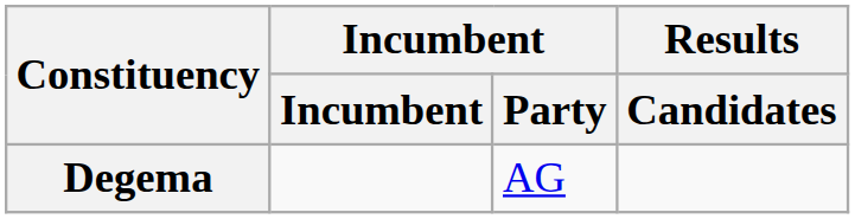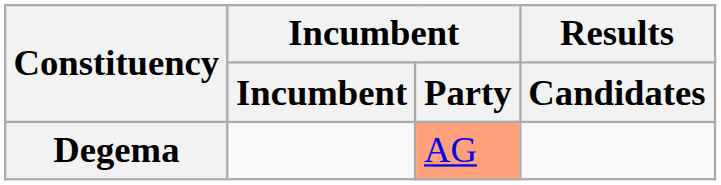 <table class="wikitable sortable">
 <tr>
 <th rowspan="2">Constituency</th>
 <th colspan="2">Incumbent</th>
 <th>Results</th>
 </tr>
 <tr valign="bottom">
 <th>Incumbent</th>
 <th>Party</th>
 <th>Candidates</th>
 </tr>
 <tr>
 <th>Degema</th>
 <td></td>
-<td><a href='#'>AG</a></td>
+<td style="background: lightsalmon;"><a href='#'>AG</a></td>
 <td nowrap=""></td>
 </tr>
 </table>
